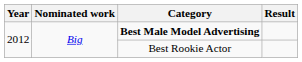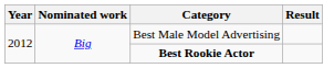 <table class="wikitable sortable plainrowheaders" style="text-align:center;">
 <tr>
 <th>Year</th>
 <th>Nominated work</th>
 <th>Category</th>
 <th>Result</th>
 </tr>
 <tr>
 <td rowspan="2">2012</td>
 <td rowspan="2"><em><a href='#'>Big</a></em></td>
-<td><strong>Best Male Model Advertising</strong></td>
+<td>Best Male Model Advertising</td>
 <td></td>
 </tr>
 <tr>
-<td>Best Rookie Actor</td>
+<td><strong>Best Rookie Actor</strong></td>
 <td></td>
 </tr>
 </table>
